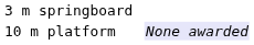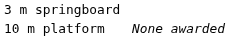 <table>
 <tr>
 <td>3 m springboard</td>
 <td></td>
 <td></td>
 <td></td>
 </tr>
 <tr>
 <td>10 m platform</td>
 <td></td>
 <td></td>
-<td style="background: lavender;"><em>None awarded</em></td>
+<td><em>None awarded</em></td>
 </tr>
 </table>
